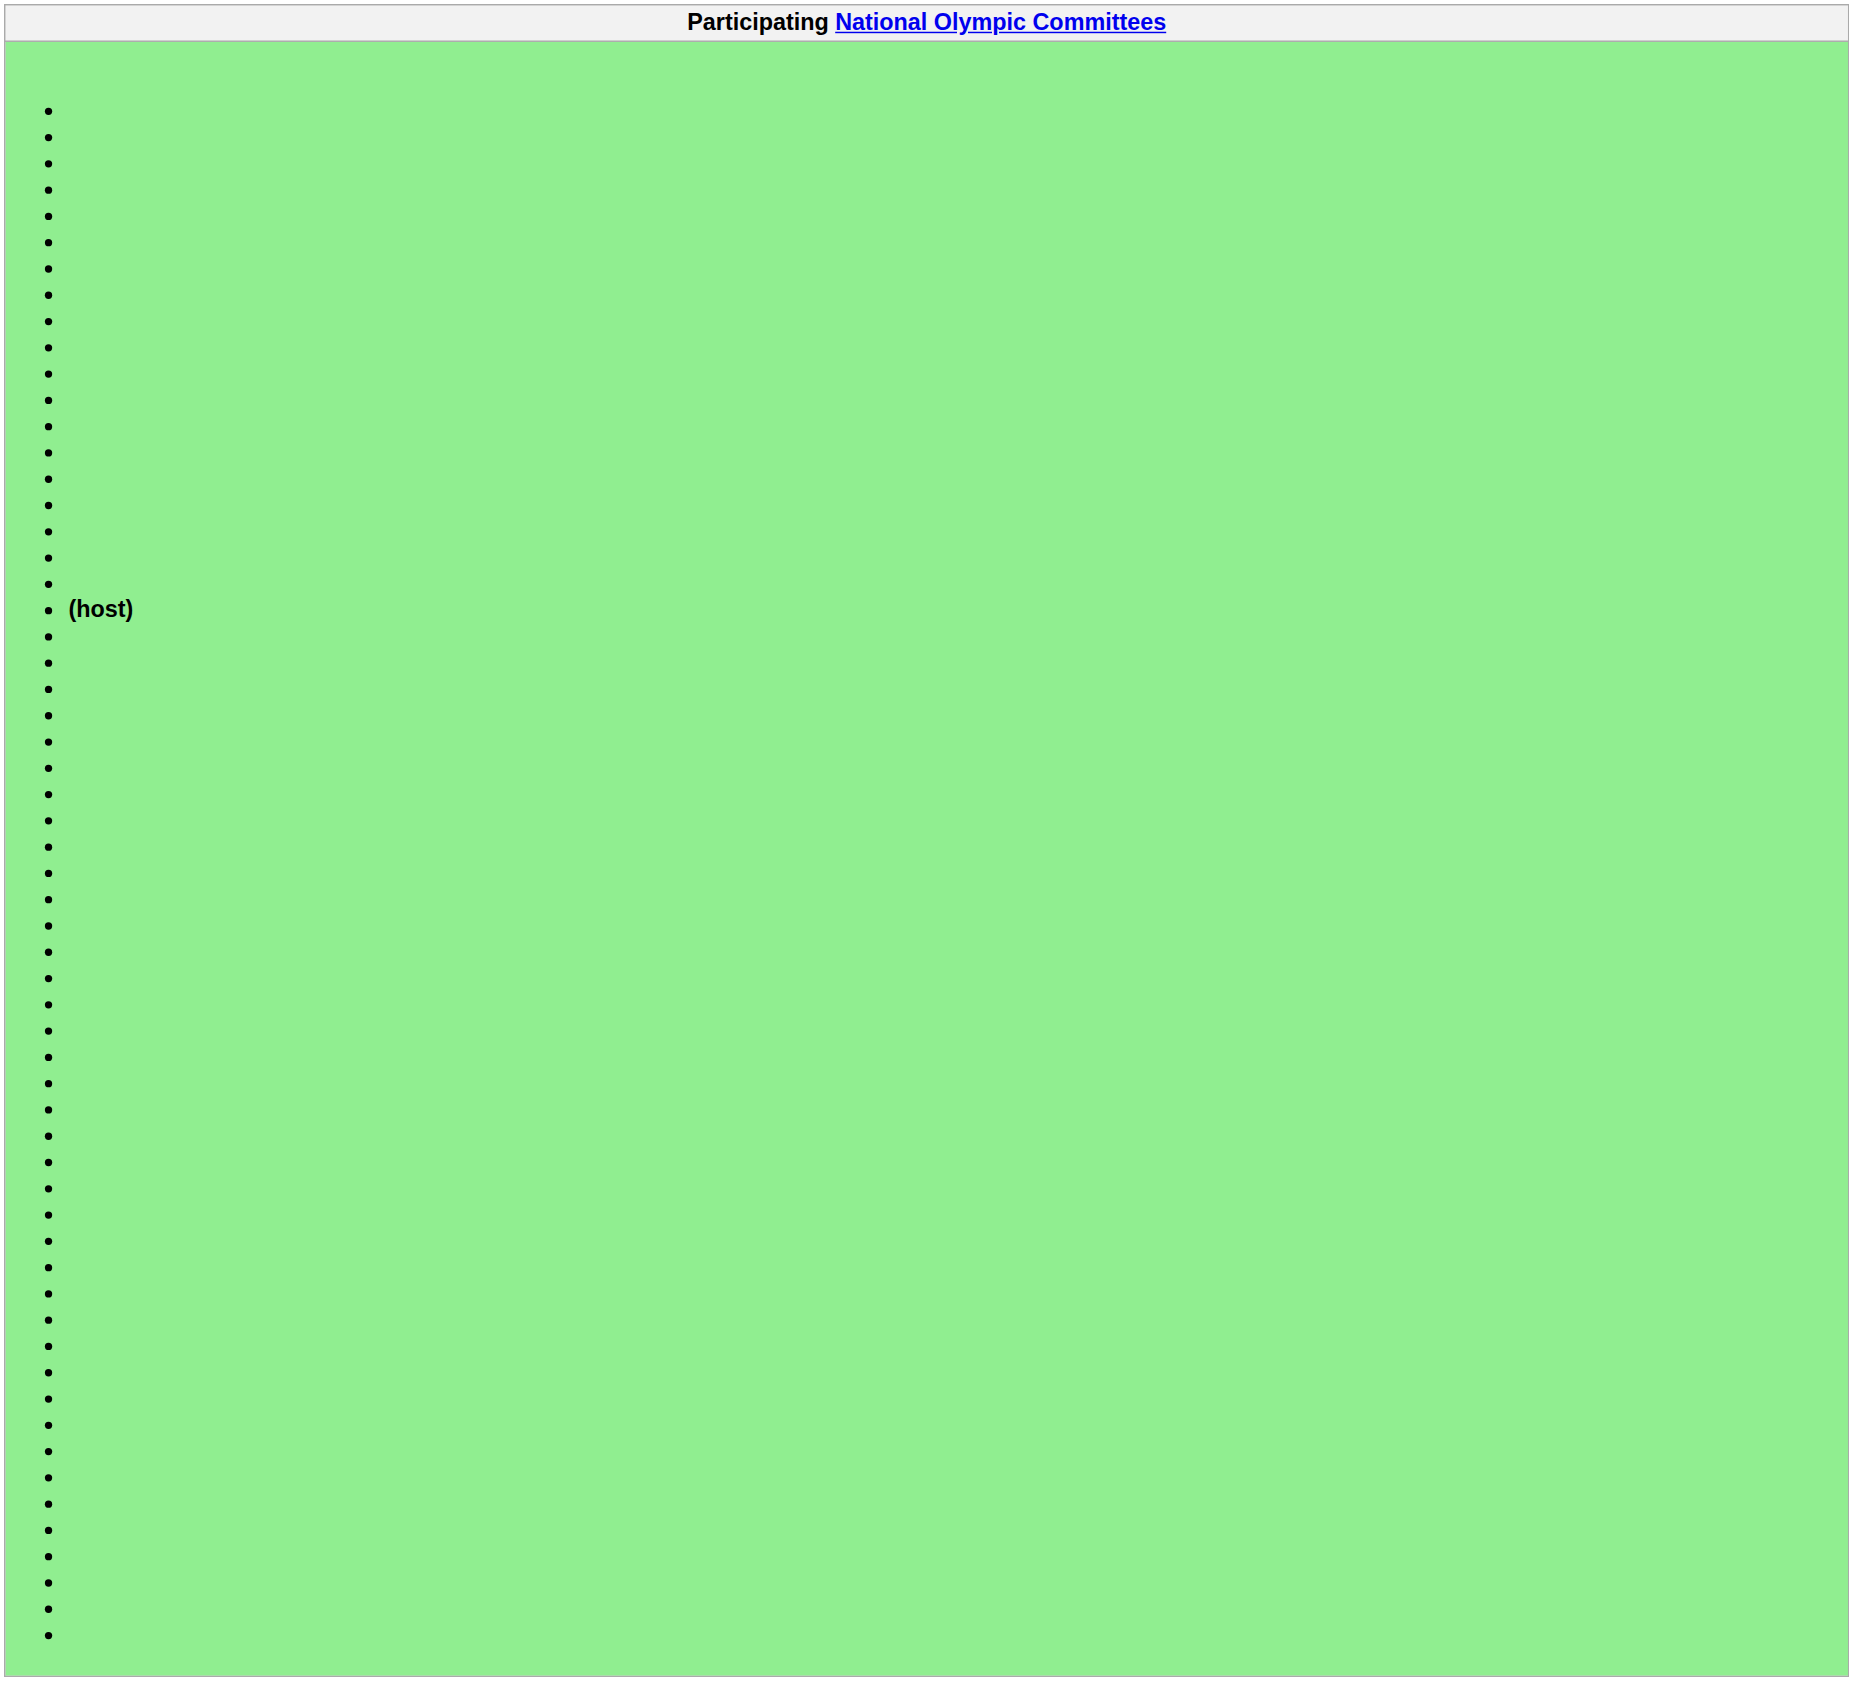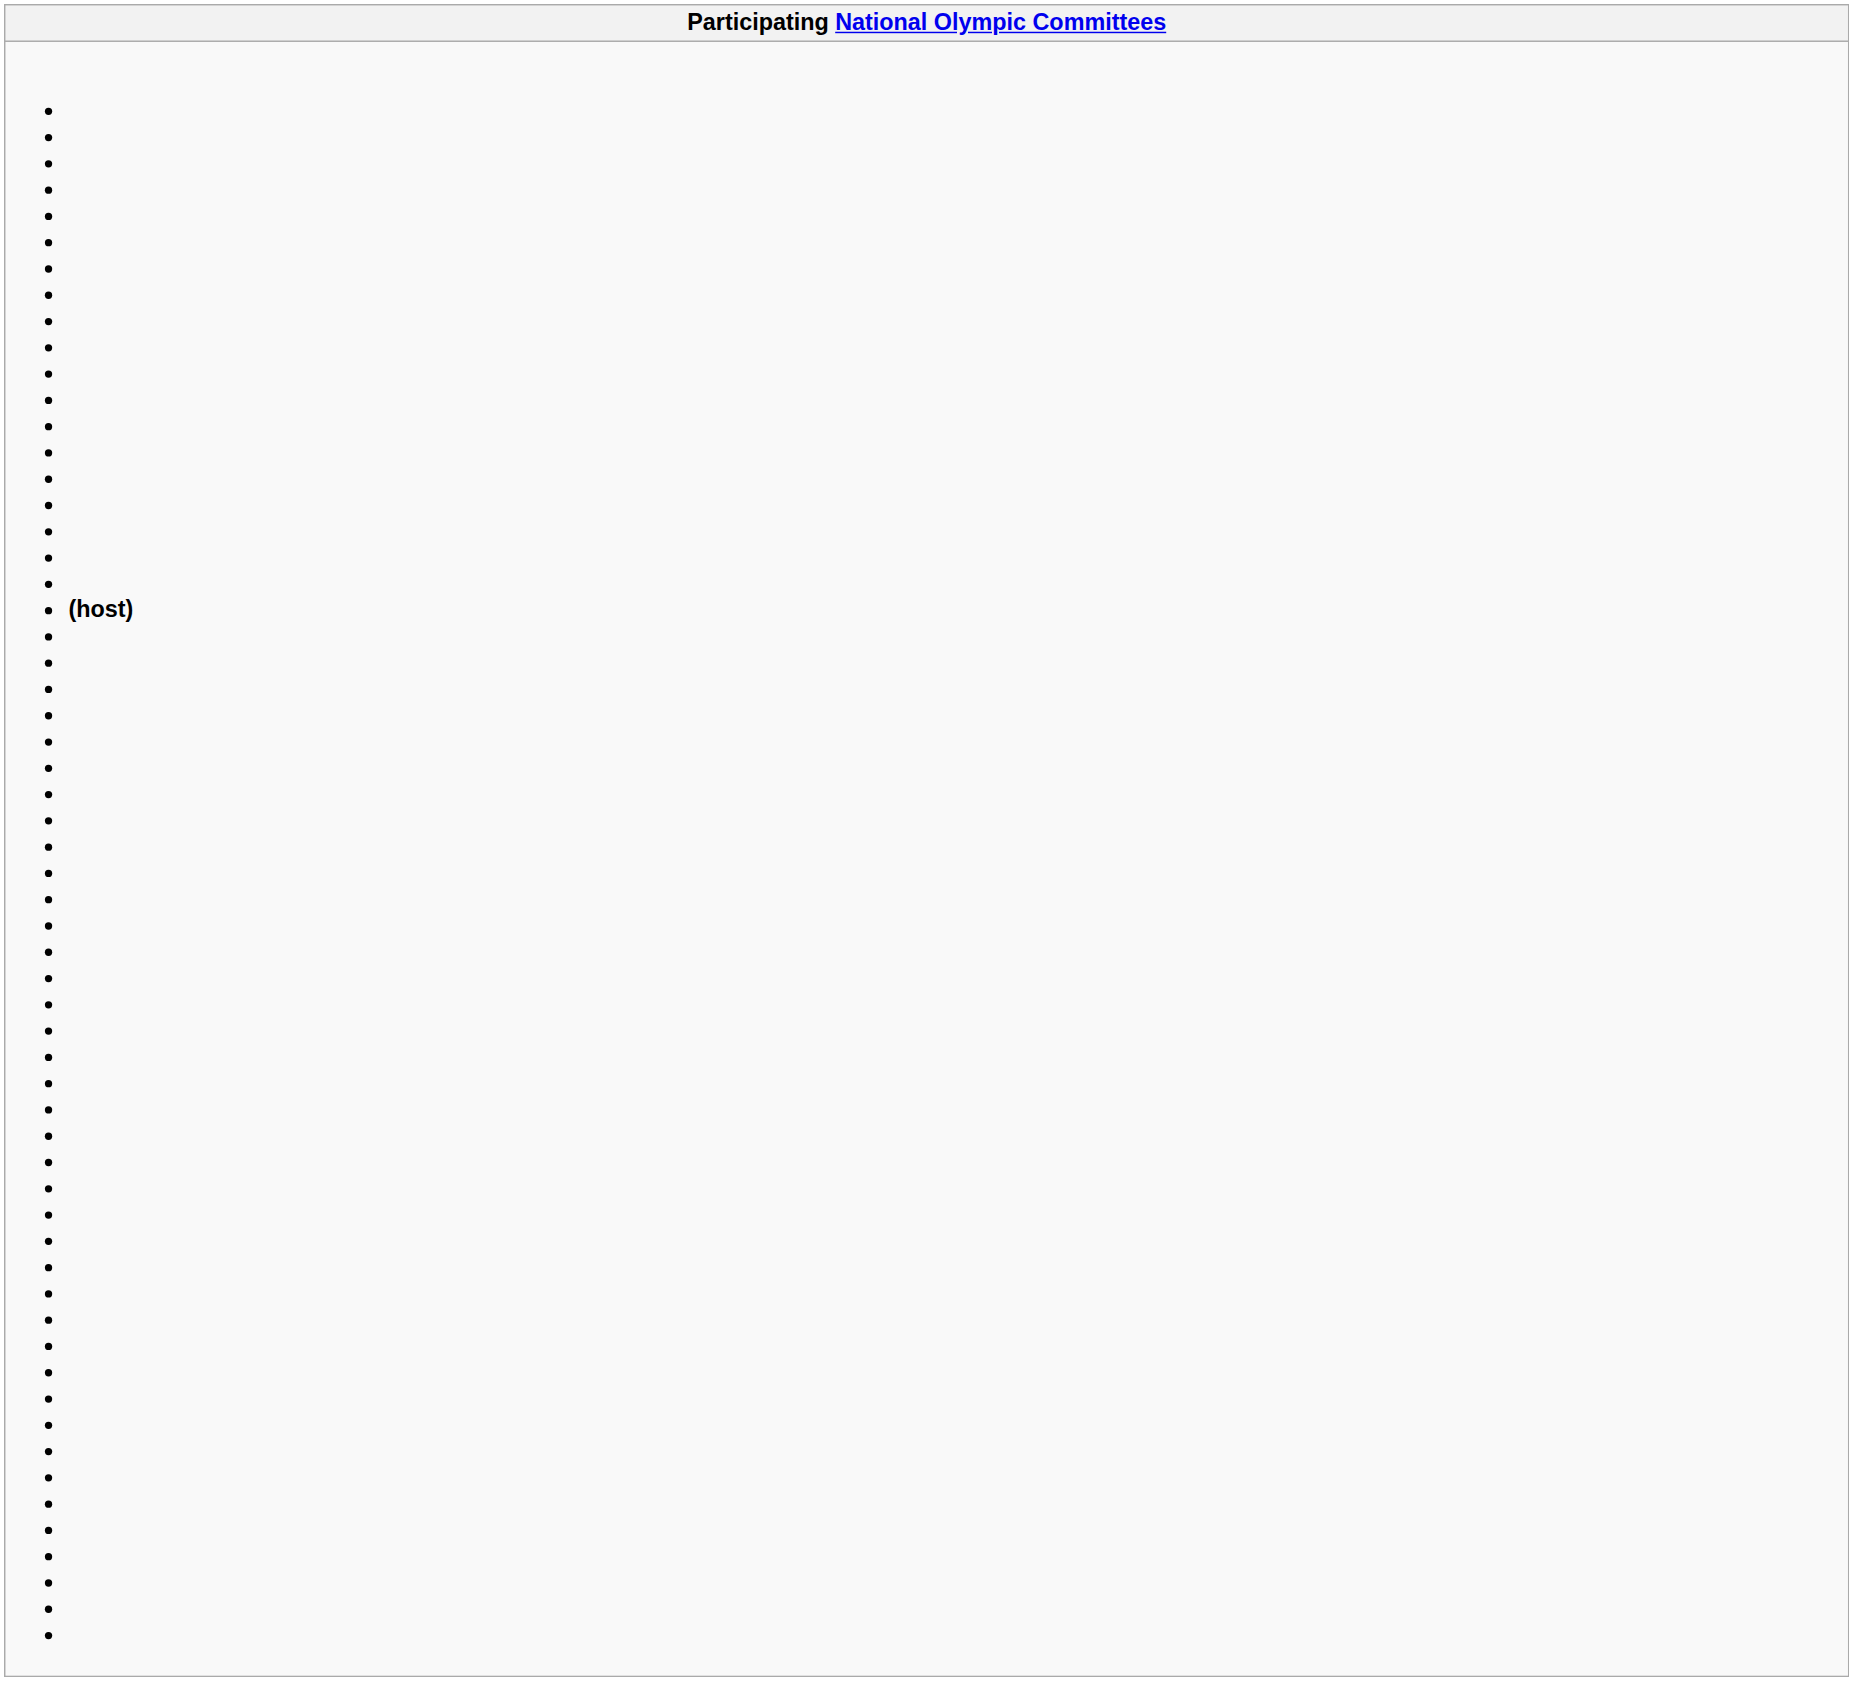 <table class="wikitable collapsible" style="width:100%;">
 <tr>
 <th>Participating <a href='#'>National Olympic Committees</a></th>
 </tr>
 <tr>
-<td style="background: lightgreen;"><br><ul><li></li><li></li><li></li><li></li><li></li><li></li><li></li><li></li><li></li><li></li><li></li><li></li><li></li><li></li><li></li><li></li><li></li><li></li><li></li><li> <strong>(host)</strong></li><li></li><li></li><li></li><li></li><li></li><li></li><li></li><li></li><li></li><li></li><li></li><li></li><li></li><li></li><li></li><li></li><li></li><li></li><li></li><li></li><li></li><li></li><li></li><li></li><li></li><li></li><li></li><li></li><li></li><li></li><li></li><li></li><li></li><li></li><li></li><li></li><li></li><li></li><li></li></ul></td>
+<td><br><ul><li></li><li></li><li></li><li></li><li></li><li></li><li></li><li></li><li></li><li></li><li></li><li></li><li></li><li></li><li></li><li></li><li></li><li></li><li></li><li> <strong>(host)</strong></li><li></li><li></li><li></li><li></li><li></li><li></li><li></li><li></li><li></li><li></li><li></li><li></li><li></li><li></li><li></li><li></li><li></li><li></li><li></li><li></li><li></li><li></li><li></li><li></li><li></li><li></li><li></li><li></li><li></li><li></li><li></li><li></li><li></li><li></li><li></li><li></li><li></li><li></li><li></li></ul></td>
 </tr>
 </table>
